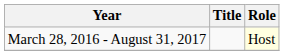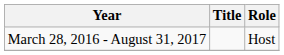 <table class="wikitable">
 <tr>
 <th>Year</th>
 <th>Title</th>
 <th>Role</th>
 </tr>
 <tr>
 <td>March 28, 2016 - August 31, 2017</td>
 <td><em></em></td>
-<td style="background: lightyellow;">Host</td>
+<td>Host</td>
 </tr>
 <tr>
 </tr>
 </table>
